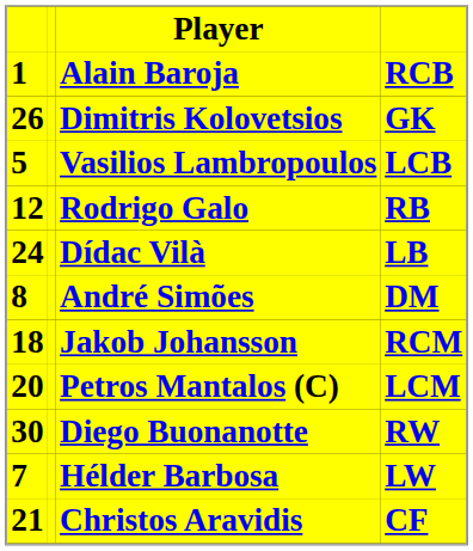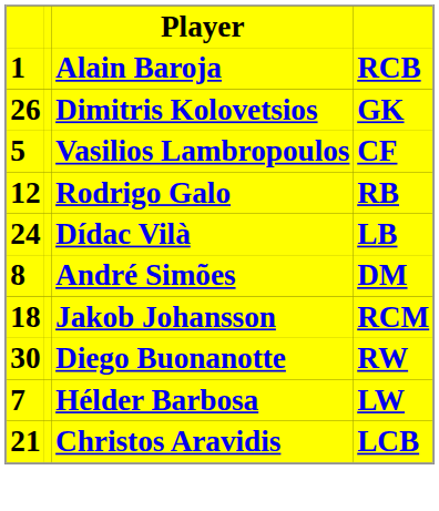 <table class="toccolours" border="0" cellpadding="2" cellspacing="0" align="center" style="margin: 0.5em 0 1em 1em; background: #000000; border: 1px #aaaaaa solid;">
 <tr bgcolor=#FFFF00>
 <th></th>
 <th></th>
 <th>Player</th>
 <th></th>
 </tr>
 <tr bgcolor=#FFFF00>
 <td><strong>1</strong></td>
 <td></td>
 <td><a href='#'><span><strong>Alain Baroja</strong></span></a></td>
 <td><a href='#'><strong>RCB</strong></a></td>
 </tr>
 <tr bgcolor=#FFFF00>
 <td><strong>26</strong></td>
 <td></td>
 <td><a href='#'><span><strong>Dimitris Kolovetsios</strong></span></a></td>
 <td><a href='#'><strong>GK</strong></a></td>
 </tr>
 <tr bgcolor=#FFFF00>
 <td><strong>5</strong></td>
 <td></td>
 <td><a href='#'><span><strong>Vasilios Lambropoulos</strong></span></a></td>
-<td><a href='#'><strong>LCB</strong></a></td>
+<td><a href='#'><strong>CF</strong></a></td>
 </tr>
 <tr bgcolor=#FFFF00>
 <td><strong>12</strong></td>
 <td></td>
 <td><a href='#'><span><strong>Rodrigo Galo</strong></span></a></td>
 <td><a href='#'><strong>RB</strong></a></td>
 </tr>
 <tr bgcolor=#FFFF00>
 <td><strong>24</strong></td>
 <td></td>
 <td><a href='#'><span><strong>Dídac Vilà</strong></span></a></td>
 <td><a href='#'><strong>LB</strong></a></td>
 </tr>
 <tr bgcolor=#FFFF00>
 <td><strong>8</strong></td>
 <td></td>
 <td><a href='#'><span><strong>André Simões</strong></span></a></td>
 <td><a href='#'><strong>DM</strong></a></td>
 </tr>
 <tr bgcolor=#FFFF00>
 <td><strong>18</strong></td>
 <td></td>
 <td><a href='#'><span><strong>Jakob Johansson</strong></span></a></td>
 <td><a href='#'><strong>RCM</strong></a></td>
 </tr>
 <tr bgcolor=#FFFF00>
-<td><strong>20</strong></td>
-<td></td>
-<td><a href='#'><span><strong>Petros Mantalos</strong></span></a> <strong>(C)</strong></td>
-<td><a href='#'><strong>LCM</strong></a></td>
-</tr>
-<tr bgcolor=#FFFF00>
 <td><strong>30</strong></td>
 <td></td>
 <td><a href='#'><span><strong>Diego Buonanotte</strong></span></a></td>
 <td><a href='#'><strong>RW</strong></a></td>
 </tr>
 <tr bgcolor=#FFFF00>
 <td><strong>7</strong></td>
 <td></td>
 <td><a href='#'><span><strong>Hélder Barbosa</strong></span></a></td>
 <td><a href='#'><strong>LW</strong></a></td>
 </tr>
 <tr bgcolor=#FFFF00>
 <td><strong>21</strong></td>
 <td></td>
 <td><a href='#'><span><strong>Christos Aravidis</strong></span></a></td>
-<td><a href='#'><strong>CF</strong></a></td>
+<td><a href='#'><strong>LCB</strong></a></td>
 </tr>
 </table>
